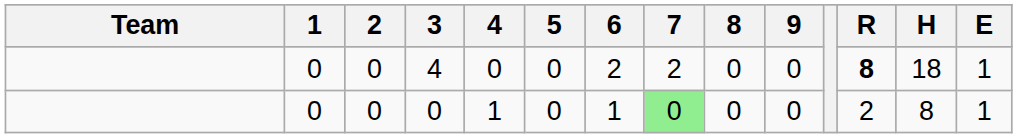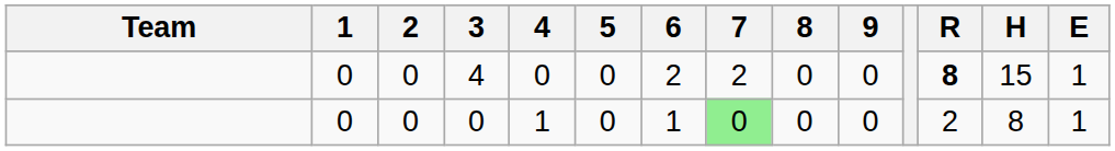 <table border=1 cellspacing=0 width=600 style="margin-left:3em;" class="wikitable">
 <tr style="text-align:center; background-color:#e6e6e6;">
 <th align=left width=28%>Team</th>
 <th width=6%>1</th>
 <th width=6%>2</th>
 <th width=6%>3</th>
 <th width=6%>4</th>
 <th width=6%>5</th>
 <th width=6%>6</th>
 <th width=6%>7</th>
 <th width=6%>8</th>
 <th width=6%>9</th>
 <th rowspan="3" width=0.5%></th>
 <th width=6%>R</th>
 <th width=6%>H</th>
 <th width=6%>E</th>
 </tr>
 <tr style="text-align:center;">
 <td align=left></td>
 <td>0</td>
 <td>0</td>
 <td>4</td>
 <td>0</td>
 <td>0</td>
 <td>2</td>
 <td>2</td>
 <td>0</td>
 <td>0</td>
 <td><strong>8</strong></td>
-<td>18</td>
+<td>15</td>
 <td>1</td>
 </tr>
 <tr style="text-align:center;">
 <td align=left></td>
 <td>0</td>
 <td>0</td>
 <td>0</td>
 <td>1</td>
 <td>0</td>
 <td>1</td>
 <td style="background: lightgreen;">0</td>
 <td>0</td>
 <td>0</td>
 <td>2</td>
 <td>8</td>
 <td>1</td>
 </tr>
 </table>
